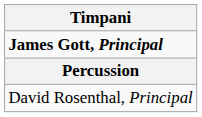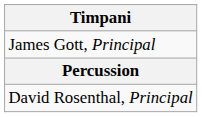 <table class="wikitable">
 <tr>
 <th colspan=2><strong>Timpani</strong></th>
 </tr>
 <tr>
-<td><strong>James Gott, <em>Principal</em></strong></td>
+<td>James Gott, <em>Principal</em></td>
 </tr>
 <tr>
 <th colspan=2><strong>Percussion</strong></th>
 </tr>
 <tr>
 <td>David Rosenthal, <em>Principal</em></td>
 </tr>
 </table>
